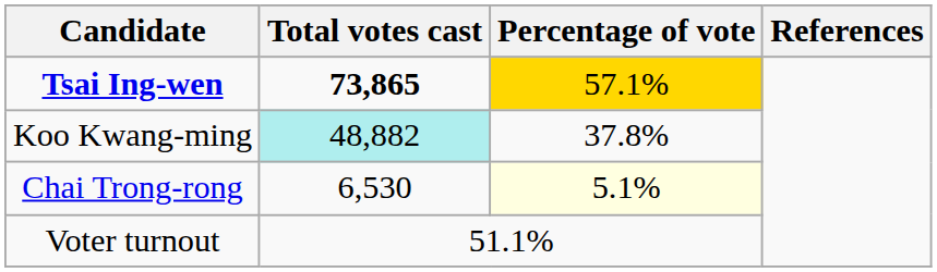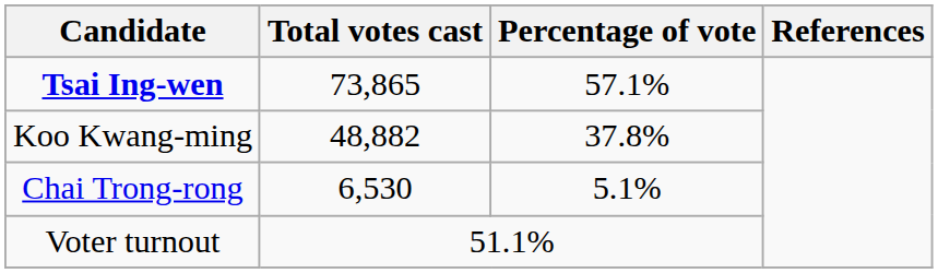 <table class="wikitable" style="text-align:center">
 <tr>
 <th>Candidate</th>
 <th>Total votes cast</th>
 <th>Percentage of vote</th>
 <th>References</th>
 </tr>
 <tr>
 <td><strong><a href='#'>Tsai Ing-wen</a></strong></td>
-<td><strong>73,865</strong></td>
-<td style="background: gold;">57.1%</td>
+<td>73,865</td>
+<td>57.1%</td>
 <td rowspan="4"></td>
 </tr>
 <tr>
 <td>Koo Kwang-ming</td>
-<td style="background: paleturquoise;">48,882</td>
+<td>48,882</td>
 <td>37.8%</td>
 </tr>
 <tr>
 <td><a href='#'>Chai Trong-rong</a></td>
 <td>6,530</td>
-<td style="background: lightyellow;">5.1%</td>
+<td>5.1%</td>
 </tr>
 <tr>
 <td>Voter turnout</td>
 <td colspan="2">51.1%</td>
 </tr>
 </table>
